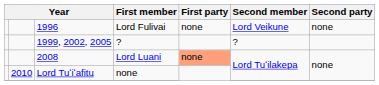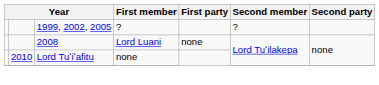 <table class="wikitable">
 <tr>
 <th colspan="3">Year</th>
 <th>First member</th>
 <th>First party</th>
 <th>Second member</th>
 <th>Second party</th>
-</tr>
-<tr>
-<td style="background-color: "></td>
-<td style="background-color: "></td>
-<td><a href='#'>1996</a></td>
-<td>Lord Fulivai</td>
-<td>none</td>
-<td><a href='#'>Lord Veikune</a></td>
-<td>none</td>
 </tr>
 <tr>
 <td style="background-color: "></td>
 <td style="background-color: "></td>
 <td><a href='#'>1999</a>, <a href='#'>2002</a>, <a href='#'>2005</a></td>
 <td>?</td>
 <td></td>
 <td>?</td>
 <td></td>
 </tr>
 <tr>
 <td style="background-color: "></td>
 <td style="background-color: "></td>
 <td><a href='#'>2008</a></td>
 <td><a href='#'>Lord Luani</a></td>
-<td style="background: lightsalmon;">none</td>
+<td>none</td>
 <td rowspan="2"><a href='#'>Lord Tuʻilakepa</a></td>
 <td rowspan="2">none</td>
 </tr>
 <tr>
 <td style="background-color: "></td>
 <td><a href='#'>2010</a></td>
 <td><a href='#'>Lord Tuʻiʻafitu</a></td>
 <td>none</td>
 </tr>
 <tr>
 </tr>
 </table>
